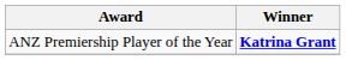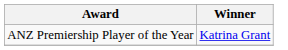 <table class="wikitable collapsible">
 <tr>
 <th>Award</th>
 <th>Winner</th>
 </tr>
 <tr>
 <td>ANZ Premiership Player of the Year</td>
-<td><strong><a href='#'>Katrina Grant</a></strong></td>
+<td><a href='#'>Katrina Grant</a></td>
 </tr>
 <tr>
 </tr>
 </table>
